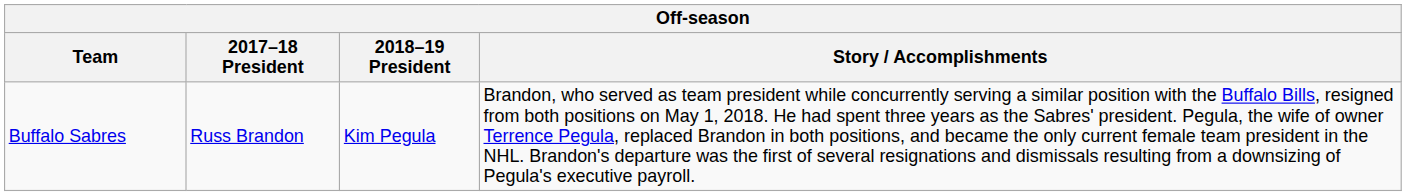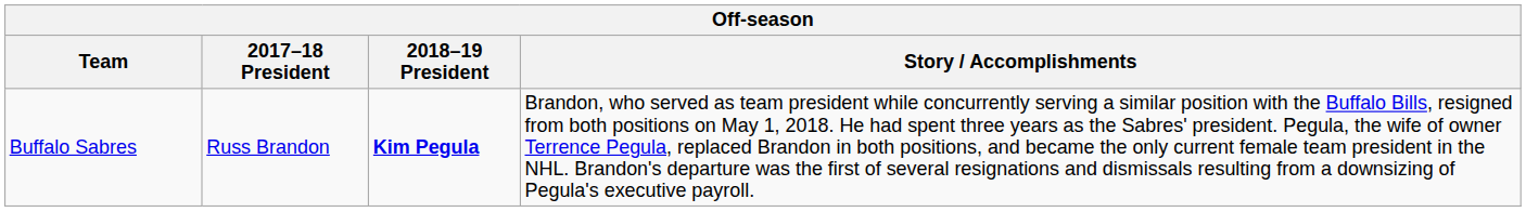 <table class="wikitable">
 <tr>
 <th colspan="4">Off-season</th>
 </tr>
 <tr>
 <th style="width:13%;">Team</th>
 <th style="width:11%;">2017–18 President</th>
 <th style="width:10%;">2018–19 President</th>
 <th>Story / Accomplishments</th>
 </tr>
 <tr>
 <td><a href='#'>Buffalo Sabres</a></td>
 <td><a href='#'>Russ Brandon</a></td>
-<td><a href='#'>Kim Pegula</a></td>
+<td><strong><a href='#'>Kim Pegula</a></strong></td>
 <td>Brandon, who served as team president while concurrently serving a similar position with the <a href='#'>Buffalo Bills</a>, resigned from both positions on May 1, 2018. He had spent three years as the Sabres' president. Pegula, the wife of owner <a href='#'>Terrence Pegula</a>, replaced Brandon in both positions, and became the only current female team president in the NHL. Brandon's departure was the first of several resignations and dismissals resulting from a downsizing of Pegula's executive payroll.</td>
 </tr>
 </table>
